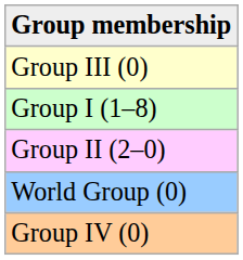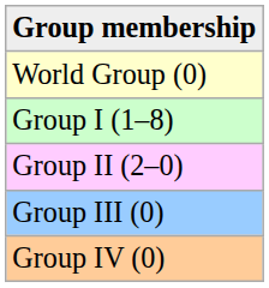 <table class="wikitable">
 <tr bgcolor="#eeeeee">
 <td><strong>Group membership</strong></td>
 </tr>
 <tr bgcolor="#FFFFCC">
-<td>Group III (0)</td>
+<td>World Group (0)</td>
 </tr>
 <tr bgcolor="#CCFFCC">
 <td>Group I (1–8)</td>
 </tr>
 <tr bgcolor="#FFCCFF">
 <td>Group II (2–0)</td>
 </tr>
 <tr bgcolor="#99CCFF">
-<td>World Group (0)</td>
+<td>Group III (0)</td>
 </tr>
 <tr bgcolor="#FFCC99">
 <td>Group IV (0)</td>
 </tr>
 </table>
